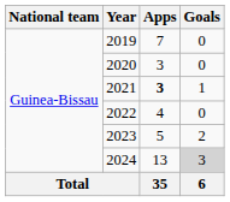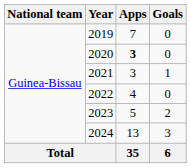 <table class="wikitable" style="text-align: center;">
 <tr>
 <th>National team</th>
 <th>Year</th>
 <th>Apps</th>
 <th>Goals</th>
 </tr>
 <tr>
 <td rowspan="6"><a href='#'>Guinea-Bissau</a></td>
 <td>2019</td>
 <td>7</td>
 <td>0</td>
 </tr>
 <tr>
 <td>2020</td>
-<td>3</td>
+<td><strong>3</strong></td>
 <td>0</td>
 </tr>
 <tr>
 <td>2021</td>
-<td><strong>3</strong></td>
+<td>3</td>
 <td>1</td>
 </tr>
 <tr>
 <td>2022</td>
 <td>4</td>
 <td>0</td>
 </tr>
 <tr>
 <td>2023</td>
 <td>5</td>
 <td>2</td>
 </tr>
 <tr>
 <td>2024</td>
 <td>13</td>
-<td style="background: lightgrey;">3</td>
+<td>3</td>
 </tr>
 <tr>
 <th colspan="2">Total</th>
 <th>35</th>
 <th>6</th>
 </tr>
 </table>
